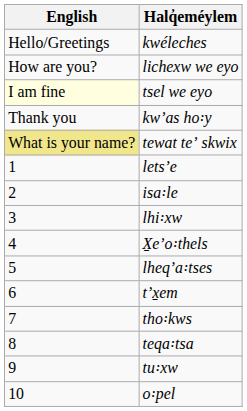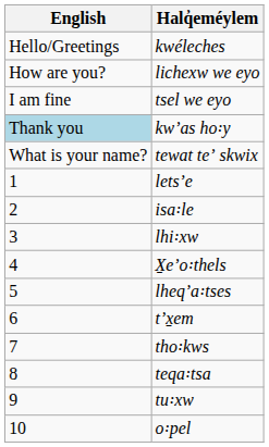 <table class="wikitable">
 <tr>
 <th>English</th>
 <th>Halq̓eméylem</th>
 </tr>
 <tr>
 <td>Hello/Greetings</td>
 <td><em>kwéleches</em></td>
 </tr>
 <tr>
 <td>How are you?</td>
 <td><em>lichexw we eyo</em></td>
 </tr>
 <tr>
-<td style="background: lightyellow;">I am fine</td>
+<td>I am fine</td>
 <td><em>tsel we eyo</em></td>
 </tr>
 <tr>
-<td>Thank you</td>
+<td style="background: lightblue;">Thank you</td>
 <td><em>kwʼas ho꞉y</em></td>
 </tr>
 <tr>
-<td style="background: khaki;">What is your name?</td>
+<td>What is your name?</td>
 <td><em>tewat teʼ skwix</em></td>
 </tr>
 <tr>
 <td>1</td>
 <td><em>letsʼe</em></td>
 </tr>
 <tr>
 <td>2</td>
 <td><em>isa꞉le</em></td>
 </tr>
 <tr>
 <td>3</td>
 <td><em>lhi꞉xw</em></td>
 </tr>
 <tr>
 <td>4</td>
 <td><em>X̱eʼo꞉thels</em></td>
 </tr>
 <tr>
 <td>5</td>
 <td><em>lheqʼa꞉tses</em></td>
 </tr>
 <tr>
 <td>6</td>
 <td><em>tʼx̱em</em></td>
 </tr>
 <tr>
 <td>7</td>
 <td><em>tho꞉kws</em></td>
 </tr>
 <tr>
 <td>8</td>
 <td><em>teqa꞉tsa</em></td>
 </tr>
 <tr>
 <td>9</td>
 <td><em>tu꞉xw</em></td>
 </tr>
 <tr>
 <td>10</td>
 <td><em>o꞉pel</em></td>
 </tr>
 </table>
